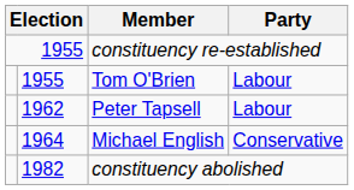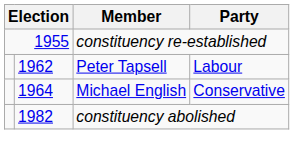 <table class="wikitable">
 <tr>
 <th colspan="2">Election</th>
 <th>Member</th>
 <th>Party</th>
 </tr>
 <tr>
 <td colspan="2" align="right"><a href='#'>1955</a></td>
 <td colspan="2"><em>constituency re-established</em></td>
-</tr>
-<tr>
-<td style="color:inherit;background-color: "></td>
-<td><a href='#'>1955</a></td>
-<td><a href='#'>Tom O'Brien</a></td>
-<td><a href='#'>Labour</a></td>
 </tr>
 <tr>
 <td style="color:inherit;background-color: "></td>
 <td><a href='#'>1962</a></td>
 <td><a href='#'>Peter Tapsell</a></td>
 <td><a href='#'>Labour</a></td>
 </tr>
 <tr>
 <td style="color:inherit;background-color: "></td>
 <td><a href='#'>1964</a></td>
 <td><a href='#'>Michael English</a></td>
 <td><a href='#'>Conservative</a></td>
 </tr>
 <tr>
 <td></td>
 <td><a href='#'>1982</a></td>
 <td colspan="2"><em>constituency abolished</em></td>
 </tr>
 </table>
